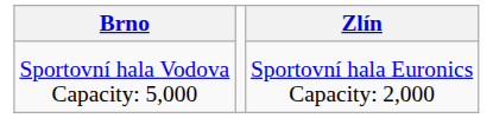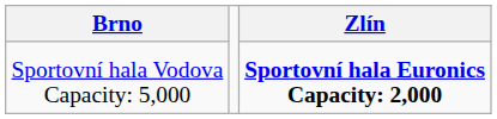 <table class="wikitable" style="margin:1em auto; text-align:center;">
 <tr>
 <th><a href='#'>Brno</a></th>
 <td rowspan="3"></td>
 <th><a href='#'>Zlín</a></th>
 </tr>
 <tr>
 <td style="border:none;"></td>
 <td style="border:none;"></td>
 </tr>
 <tr>
 <td style="border-top:none;"><a href='#'>Sportovní hala Vodova</a><br>Capacity: 5,000</td>
-<td style="border-top:none;"><a href='#'>Sportovní hala Euronics</a><br>Capacity: 2,000</td>
+<td style="border-top:none;"><strong><a href='#'>Sportovní hala Euronics</a><br>Capacity: 2,000</strong></td>
 </tr>
 </table>
